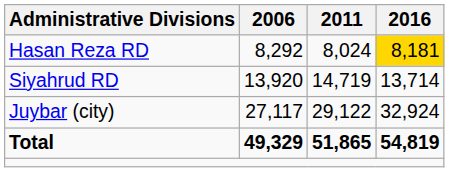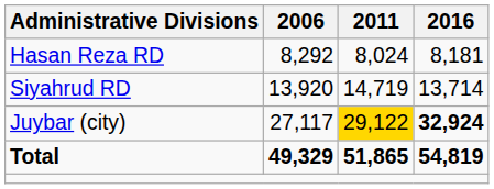 <table class="wikitable">
 <tr>
 <th>Administrative Divisions</th>
 <th>2006</th>
 <th>2011</th>
 <th>2016</th>
 </tr>
 <tr>
 <td><a href='#'>Hasan Reza RD</a></td>
 <td style="text-align: right;">8,292</td>
 <td style="text-align: right;">8,024</td>
-<td style="background: gold; text-align: right;">8,181</td>
+<td style="text-align: right;">8,181</td>
 </tr>
 <tr>
 <td><a href='#'>Siyahrud RD</a></td>
 <td style="text-align: right;">13,920</td>
 <td style="text-align: right;">14,719</td>
 <td style="text-align: right;">13,714</td>
 </tr>
 <tr>
 <td><a href='#'>Juybar</a> (city)</td>
 <td style="text-align: right;">27,117</td>
-<td style="text-align: right;">29,122</td>
-<td style="text-align: right;">32,924</td>
+<td style="background: gold; text-align: right;">29,122</td>
+<td style="text-align: right;"><strong>32,924</strong></td>
 </tr>
 <tr>
 <td><strong>Total</strong></td>
 <td style="text-align: right;"><strong>49,329</strong></td>
 <td style="text-align: right;"><strong>51,865</strong></td>
 <td style="text-align: right;"><strong>54,819</strong></td>
 </tr>
 <tr>
 <td colspan=4></td>
 </tr>
 </table>
